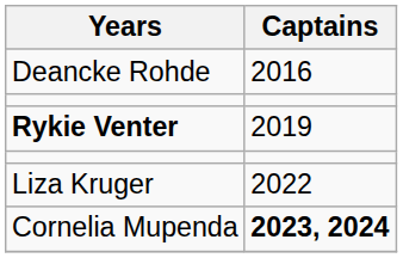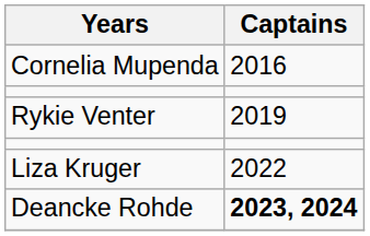 <table class="wikitable collapsible">
 <tr>
 <th>Years</th>
 <th>Captains</th>
 </tr>
 <tr>
-<td>Deancke Rohde</td>
+<td>Cornelia Mupenda</td>
 <td>2016</td>
 </tr>
 <tr>
 <td></td>
 </tr>
 <tr>
-<td><strong>Rykie Venter</strong></td>
+<td>Rykie Venter</td>
 <td>2019</td>
 </tr>
 <tr>
 <td></td>
 </tr>
 <tr>
 <td>Liza Kruger</td>
 <td>2022</td>
 </tr>
 <tr>
-<td>Cornelia Mupenda</td>
+<td>Deancke Rohde</td>
 <td><strong>2023, 2024</strong></td>
 </tr>
 <tr>
 </tr>
 </table>
